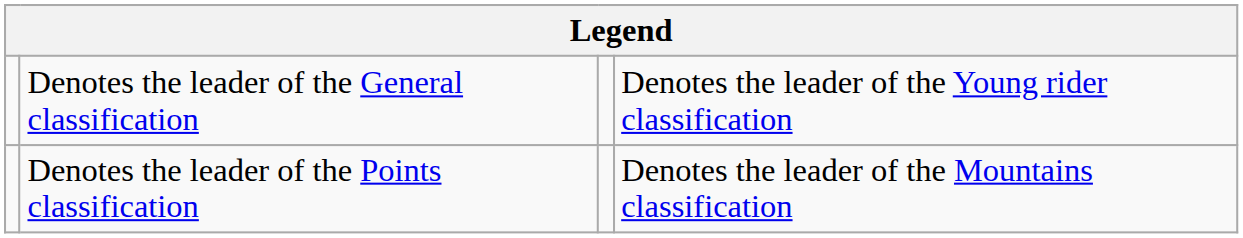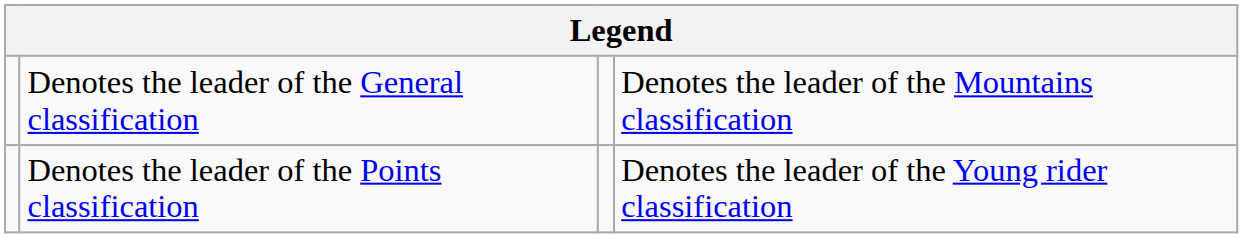 <table class="wikitable">
 <tr>
 <th colspan=4>Legend</th>
 </tr>
 <tr>
 <td></td>
 <td>Denotes the leader of the <a href='#'>General classification</a></td>
 <td></td>
-<td>Denotes the leader of the <a href='#'>Young rider classification</a></td>
+<td>Denotes the leader of the <a href='#'>Mountains classification</a></td>
 </tr>
 <tr>
 <td></td>
 <td>Denotes the leader of the <a href='#'>Points classification</a></td>
 <td></td>
-<td>Denotes the leader of the <a href='#'>Mountains classification</a></td>
+<td>Denotes the leader of the <a href='#'>Young rider classification</a></td>
 </tr>
 </table>
